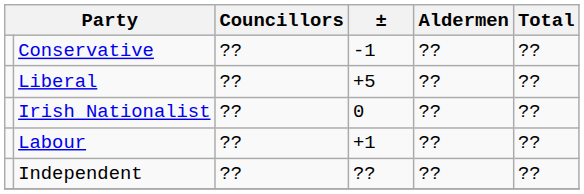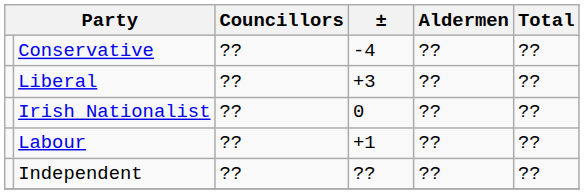 <table class="wikitable">
 <tr>
 <th colspan="2">Party</th>
 <th>Councillors</th>
 <th>  ±  </th>
 <th>Aldermen</th>
 <th>Total</th>
 </tr>
 <tr>
 <td style="background-color: "></td>
 <td><a href='#'>Conservative</a></td>
 <td>??</td>
-<td>-1</td>
+<td>-4</td>
 <td>??</td>
 <td>??</td>
 </tr>
 <tr>
 <td style="background-color: "></td>
 <td><a href='#'>Liberal</a></td>
 <td>??</td>
-<td>+5</td>
+<td>+3</td>
 <td>??</td>
 <td>??</td>
 </tr>
 <tr>
 <td style="background-color: "></td>
 <td><a href='#'>Irish Nationalist</a></td>
 <td>??</td>
 <td>0</td>
 <td>??</td>
 <td>??</td>
 </tr>
 <tr>
 <td style="background-color: "></td>
 <td><a href='#'>Labour</a></td>
 <td>??</td>
 <td>+1</td>
 <td>??</td>
 <td>??</td>
 </tr>
 <tr>
 <td style="background-color: "></td>
 <td>Independent</td>
 <td>??</td>
 <td>??</td>
 <td>??</td>
 <td>??</td>
 </tr>
 <tr>
 </tr>
 </table>
